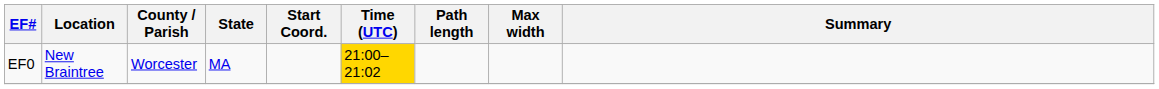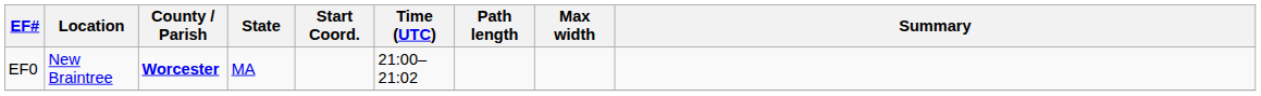 <table class="wikitable sortable" style="width:100%;">
 <tr>
 <th scope="col"  style="width:3%; text-align:center;"><a href='#'>EF#</a></th>
 <th scope="col"  style="width:7%; text-align:center;" class="unsortable">Location</th>
 <th scope="col"  style="width:6%; text-align:center;" class="unsortable">County / Parish</th>
 <th scope="col"  style="width:5%; text-align:center;">State</th>
 <th scope="col"  style="width:6%; text-align:center;">Start Coord.</th>
 <th scope="col"  style="width:6%; text-align:center;">Time (<a href='#'>UTC</a>)</th>
 <th scope="col"  style="width:6%; text-align:center;">Path length</th>
 <th scope="col"  style="width:6%; text-align:center;">Max width</th>
 <th scope="col" class="unsortable" style="width:48%; text-align:center;">Summary</th>
 </tr>
 <tr>
 <td>EF0</td>
 <td><a href='#'>New Braintree</a></td>
-<td><a href='#'>Worcester</a></td>
+<td><strong><a href='#'>Worcester</a></strong></td>
 <td><a href='#'>MA</a></td>
 <td></td>
-<td style="background: gold;">21:00–21:02</td>
+<td>21:00–21:02</td>
 <td></td>
 <td></td>
 <td></td>
 </tr>
 <tr>
 </tr>
 </table>
